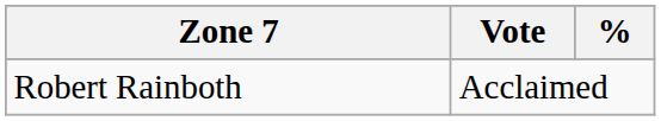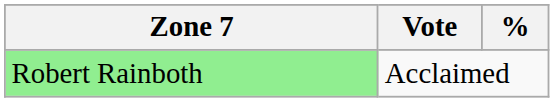 <table class="wikitable">
 <tr>
 <th bgcolor="#DDDDFF" width="200px">Zone 7</th>
 <th bgcolor="#DDDDFF" width="50px">Vote</th>
 <th bgcolor="#DDDDFF" width="30px">%</th>
 </tr>
 <tr>
-<td>Robert Rainboth</td>
+<td style="background: lightgreen;">Robert Rainboth</td>
 <td colspan="2">Acclaimed</td>
 </tr>
 </table>
